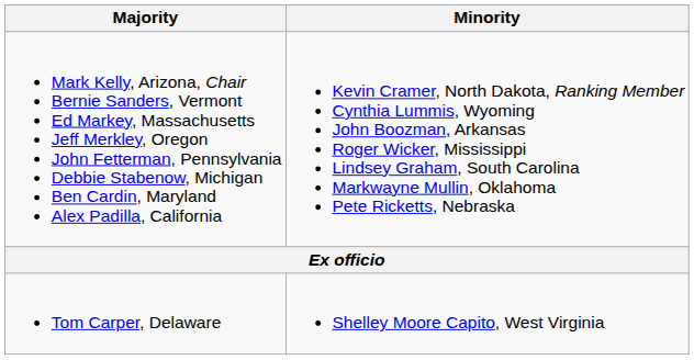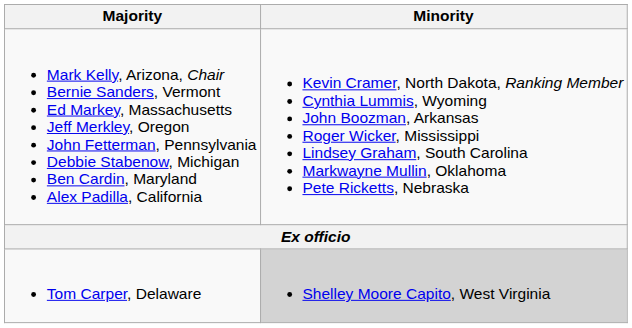 <table class=wikitable>
 <tr>
 <th>Majority</th>
 <th>Minority</th>
 </tr>
 <tr>
 <td><br><ul><li><a href='#'>Mark Kelly</a>, Arizona, <em>Chair</em></li><li><span><a href='#'>Bernie Sanders</a>, Vermont</span></li><li><a href='#'>Ed Markey</a>, Massachusetts</li><li><a href='#'>Jeff Merkley</a>, Oregon</li><li><a href='#'>John Fetterman</a>, Pennsylvania</li><li><a href='#'>Debbie Stabenow</a>, Michigan</li><li><a href='#'>Ben Cardin</a>, Maryland</li><li><a href='#'>Alex Padilla</a>, California</li></ul></td>
 <td><br><ul><li><a href='#'>Kevin Cramer</a>, North Dakota, <em>Ranking Member</em></li><li><a href='#'>Cynthia Lummis</a>, Wyoming</li><li><a href='#'>John Boozman</a>, Arkansas</li><li><a href='#'>Roger Wicker</a>, Mississippi</li><li><a href='#'>Lindsey Graham</a>, South Carolina</li><li><a href='#'>Markwayne Mullin</a>, Oklahoma</li><li><a href='#'>Pete Ricketts</a>, Nebraska</li></ul></td>
 </tr>
 <tr>
 <th colspan=2><em>Ex officio</em></th>
 </tr>
 <tr>
 <td><br><ul><li><a href='#'>Tom Carper</a>, Delaware</li></ul></td>
-<td><br><ul><li><a href='#'>Shelley Moore Capito</a>, West Virginia</li></ul></td>
+<td style="background: lightgrey;"><br><ul><li><a href='#'>Shelley Moore Capito</a>, West Virginia</li></ul></td>
 </tr>
 </table>
